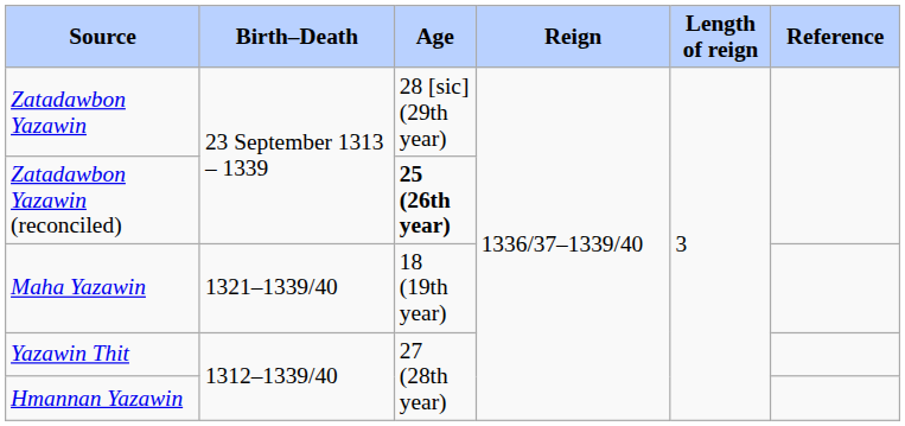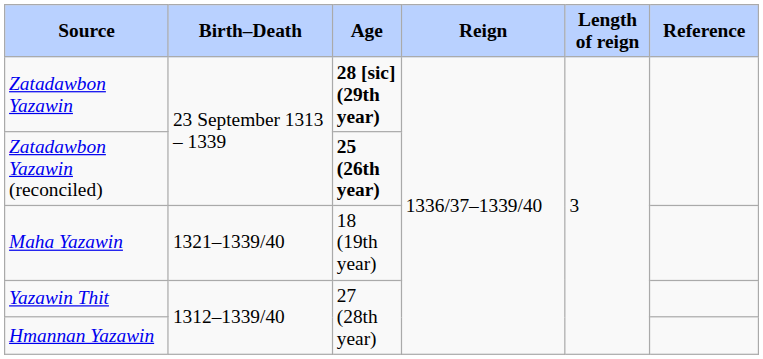 <table width=100% class="wikitable">
 <tr>
 <th style="background-color:#B9D1FF" width=15%>Source</th>
 <th style="background-color:#B9D1FF" width=15%>Birth–Death</th>
 <th style="background-color:#B9D1FF" width=5%>Age</th>
 <th style="background-color:#B9D1FF" width=15%>Reign</th>
 <th style="background-color:#B9D1FF" width=5%>Length of reign</th>
 <th style="background-color:#B9D1FF" width=5%>Reference</th>
 </tr>
 <tr>
 <td><em><a href='#'>Zatadawbon Yazawin</a></em></td>
 <td rowspan="2">23 September 1313 – 1339</td>
-<td>28 [sic] <br> (29th year)</td>
+<td><strong>28 [sic] <br> (29th year)</strong></td>
 <td rowspan="5">1336/37–1339/40</td>
 <td rowspan="5">3</td>
 <td rowspan="2"></td>
 </tr>
 <tr>
 <td><em><a href='#'>Zatadawbon Yazawin</a></em> (reconciled)</td>
 <td><strong>25 <br> (26th year)</strong></td>
 </tr>
 <tr>
 <td><em><a href='#'>Maha Yazawin</a></em></td>
 <td> 1321–1339/40</td>
 <td>18 <br> (19th year)</td>
 <td></td>
 </tr>
 <tr>
 <td><em><a href='#'>Yazawin Thit</a></em></td>
 <td rowspan="2"> 1312–1339/40</td>
 <td rowspan="2">27 <br> (28th year)</td>
 <td></td>
 </tr>
 <tr>
 <td><em><a href='#'>Hmannan Yazawin</a></em></td>
 <td></td>
 </tr>
 </table>
